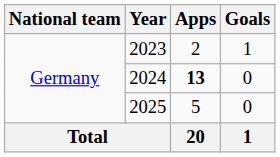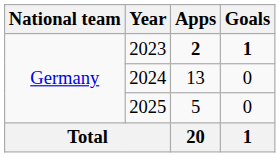 <table class="wikitable" style="text-align:center">
 <tr>
 <th>National team</th>
 <th>Year</th>
 <th>Apps</th>
 <th>Goals</th>
 </tr>
 <tr>
 <td rowspan=3><a href='#'>Germany</a></td>
 <td>2023</td>
-<td>2</td>
-<td>1</td>
+<td><strong>2</strong></td>
+<td><strong>1</strong></td>
 </tr>
 <tr>
 <td>2024</td>
-<td><strong>13</strong></td>
+<td>13</td>
 <td>0</td>
 </tr>
 <tr>
 <td>2025</td>
 <td>5</td>
 <td>0</td>
 </tr>
 <tr>
 <th colspan="2">Total</th>
 <th>20</th>
 <th>1</th>
 </tr>
 </table>
